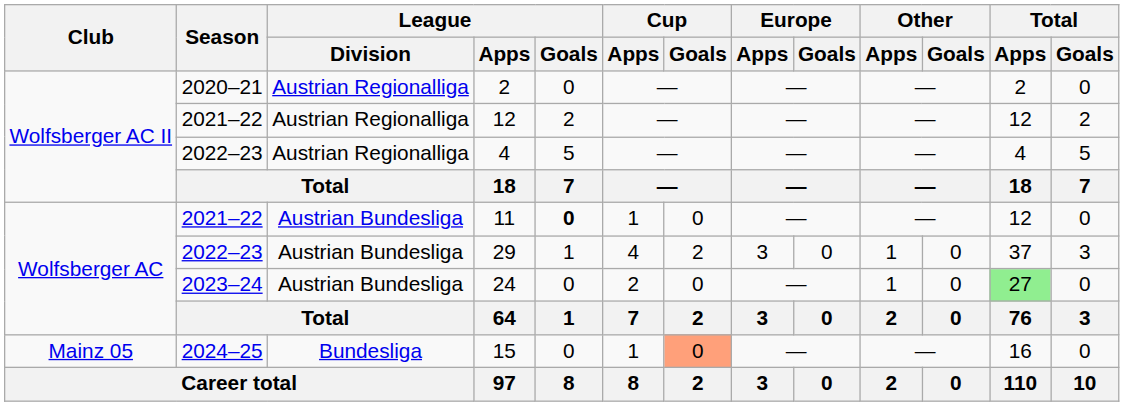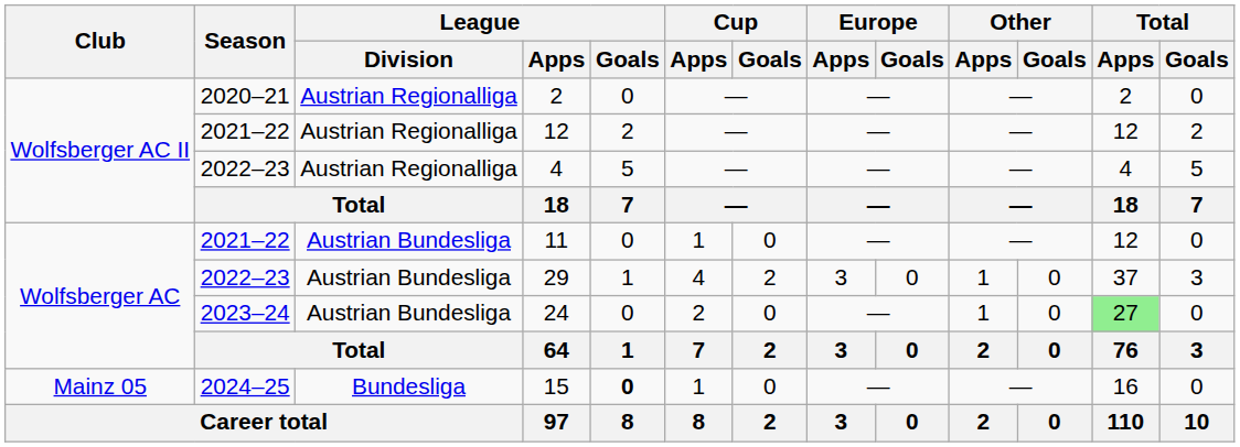 <table class="wikitable" style="text-align:center">
 <tr>
 <th rowspan="2">Club</th>
 <th rowspan="2">Season</th>
 <th colspan="3">League</th>
 <th colspan="2">Cup</th>
 <th colspan="2">Europe</th>
 <th colspan="2">Other</th>
 <th colspan="2">Total</th>
 </tr>
 <tr>
 <th>Division</th>
 <th>Apps</th>
 <th>Goals</th>
 <th>Apps</th>
 <th>Goals</th>
 <th>Apps</th>
 <th>Goals</th>
 <th>Apps</th>
 <th>Goals</th>
 <th>Apps</th>
 <th>Goals</th>
 </tr>
 <tr>
 <td rowspan="4"><a href='#'>Wolfsberger AC II</a></td>
 <td>2020–21</td>
 <td><a href='#'>Austrian Regionalliga</a></td>
 <td>2</td>
 <td>0</td>
 <td colspan="2">—</td>
 <td colspan="2">—</td>
 <td colspan="2">—</td>
 <td>2</td>
 <td>0</td>
 </tr>
 <tr>
 <td>2021–22</td>
 <td>Austrian Regionalliga</td>
 <td>12</td>
 <td>2</td>
 <td colspan="2">—</td>
 <td colspan="2">—</td>
 <td colspan="2">—</td>
 <td>12</td>
 <td>2</td>
 </tr>
 <tr>
 <td>2022–23</td>
 <td>Austrian Regionalliga</td>
 <td>4</td>
 <td>5</td>
 <td colspan="2">—</td>
 <td colspan="2">—</td>
 <td colspan="2">—</td>
 <td>4</td>
 <td>5</td>
 </tr>
 <tr>
 <th colspan="2">Total</th>
 <th>18</th>
 <th>7</th>
 <th colspan="2">—</th>
 <th colspan="2">—</th>
 <th colspan="2">—</th>
 <th>18</th>
 <th>7</th>
 </tr>
 <tr>
 <td rowspan="4"><a href='#'>Wolfsberger AC</a></td>
 <td><a href='#'>2021–22</a></td>
 <td><a href='#'>Austrian Bundesliga</a></td>
 <td>11</td>
-<td><strong>0</strong></td>
+<td>0</td>
 <td>1</td>
 <td>0</td>
 <td colspan="2">—</td>
 <td colspan="2">—</td>
 <td>12</td>
 <td>0</td>
 </tr>
 <tr>
 <td><a href='#'>2022–23</a></td>
 <td>Austrian Bundesliga</td>
 <td>29</td>
 <td>1</td>
 <td>4</td>
 <td>2</td>
 <td>3</td>
 <td>0</td>
 <td>1</td>
 <td>0</td>
 <td>37</td>
 <td>3</td>
 </tr>
 <tr>
 <td><a href='#'>2023–24</a></td>
 <td>Austrian Bundesliga</td>
 <td>24</td>
 <td>0</td>
 <td>2</td>
 <td>0</td>
 <td colspan="2">—</td>
 <td>1</td>
 <td>0</td>
 <td style="background: lightgreen;">27</td>
 <td>0</td>
 </tr>
 <tr>
 <th colspan="2">Total</th>
 <th>64</th>
 <th>1</th>
 <th>7</th>
 <th>2</th>
 <th>3</th>
 <th>0</th>
 <th>2</th>
 <th>0</th>
 <th>76</th>
 <th>3</th>
 </tr>
 <tr>
 <td><a href='#'>Mainz 05</a></td>
 <td><a href='#'>2024–25</a></td>
 <td><a href='#'>Bundesliga</a></td>
 <td>15</td>
+<td><strong>0</strong></td>
+<td>1</td>
 <td>0</td>
-<td>1</td>
-<td style="background: lightsalmon;">0</td>
 <td colspan="2">—</td>
 <td colspan="2">—</td>
 <td>16</td>
 <td>0</td>
 </tr>
 <tr>
 <th colspan="3">Career total</th>
 <th>97</th>
 <th>8</th>
 <th>8</th>
 <th>2</th>
 <th>3</th>
 <th>0</th>
 <th>2</th>
 <th>0</th>
 <th>110</th>
 <th>10</th>
 </tr>
 </table>
